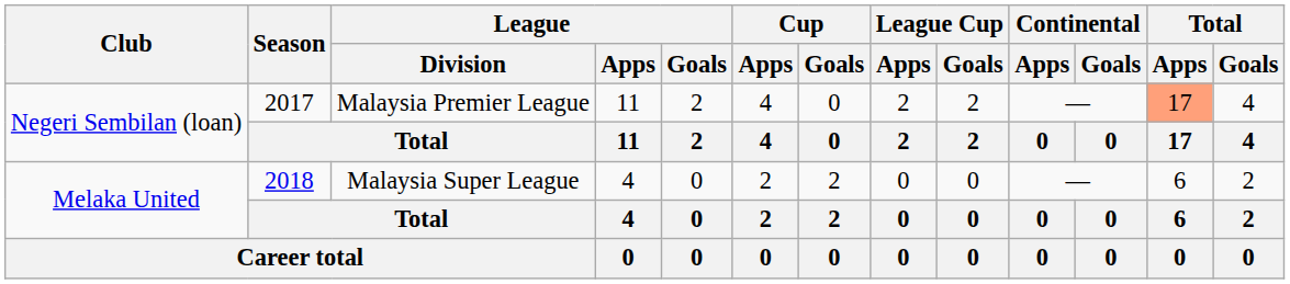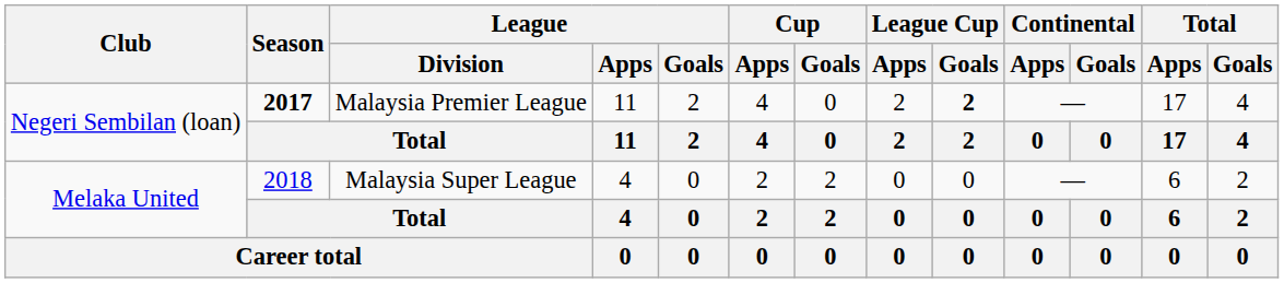 <table class=wikitable style="text-align: center">
 <tr>
 <th rowspan=2>Club</th>
 <th rowspan=2>Season</th>
 <th colspan=3>League</th>
 <th colspan=2>Cup</th>
 <th colspan=2>League Cup</th>
 <th colspan=2>Continental</th>
 <th colspan=2>Total</th>
 </tr>
 <tr>
 <th>Division</th>
 <th>Apps</th>
 <th>Goals</th>
 <th>Apps</th>
 <th>Goals</th>
 <th>Apps</th>
 <th>Goals</th>
 <th>Apps</th>
 <th>Goals</th>
 <th>Apps</th>
 <th>Goals</th>
 </tr>
 <tr>
 <td rowspan=2><a href='#'>Negeri Sembilan</a> (loan)</td>
-<td>2017</td>
+<td><strong>2017</strong></td>
 <td>Malaysia Premier League</td>
 <td>11</td>
 <td>2</td>
 <td>4</td>
 <td>0</td>
 <td>2</td>
-<td>2</td>
+<td><strong>2</strong></td>
 <td colspan="2">—</td>
-<td style="background: lightsalmon;">17</td>
+<td>17</td>
 <td>4</td>
 </tr>
 <tr>
 <th colspan=2>Total</th>
 <th>11</th>
 <th>2</th>
 <th>4</th>
 <th>0</th>
 <th>2</th>
 <th>2</th>
 <th>0</th>
 <th>0</th>
 <th>17</th>
 <th>4</th>
 </tr>
 <tr>
 <td rowspan=2><a href='#'>Melaka United</a></td>
 <td><a href='#'>2018</a></td>
 <td>Malaysia Super League</td>
 <td>4</td>
 <td>0</td>
 <td>2</td>
 <td>2</td>
 <td>0</td>
 <td>0</td>
 <td colspan="2">—</td>
 <td>6</td>
 <td>2</td>
 </tr>
 <tr>
 <th colspan=2>Total</th>
 <th>4</th>
 <th>0</th>
 <th>2</th>
 <th>2</th>
 <th>0</th>
 <th>0</th>
 <th>0</th>
 <th>0</th>
 <th>6</th>
 <th>2</th>
 </tr>
 <tr>
 <th colspan=3>Career total</th>
 <th>0</th>
 <th>0</th>
 <th>0</th>
 <th>0</th>
 <th>0</th>
 <th>0</th>
 <th>0</th>
 <th>0</th>
 <th>0</th>
 <th>0</th>
 </tr>
 </table>
